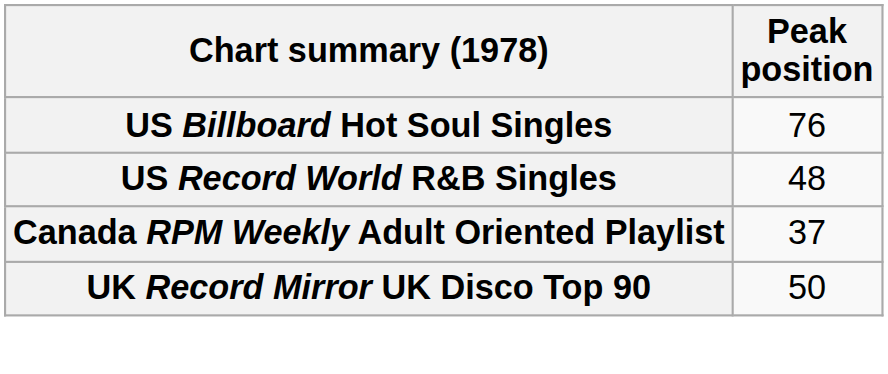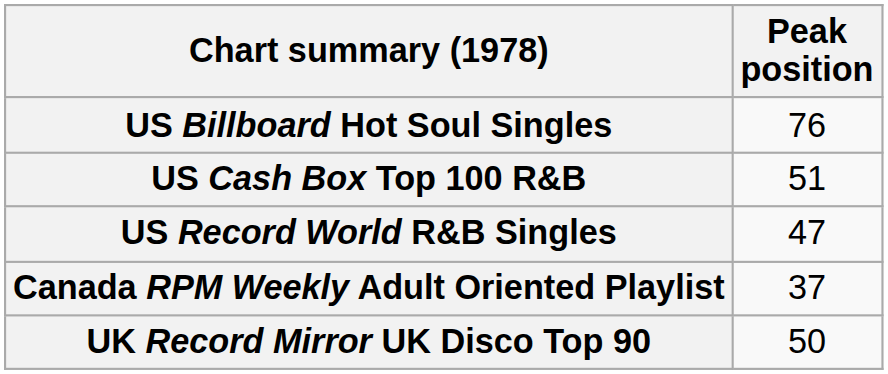 <table class="wikitable plainrowheaders sortable">
 <tr>
 <th>Chart summary (1978)</th>
 <th>Peak<br>position</th>
 </tr>
 <tr>
 <th scope="row">US <em>Billboard</em> Hot Soul Singles</th>
 <td align="center">76</td>
 </tr>
 <tr>
+<th scope="row">US <em>Cash Box</em> Top 100 R&B</th>
+<td align="center">51</td>
+</tr>
+<tr>
 <th scope="row">US <em>Record World</em> R&B Singles</th>
-<td align="center">48</td>
+<td align="center">47</td>
 </tr>
 <tr>
 <th scope="row">Canada <em>RPM Weekly</em> Adult Oriented Playlist</th>
 <td align="center">37</td>
 </tr>
 <tr>
 <th scope="row">UK <em>Record Mirror</em> UK Disco Top 90</th>
 <td align="center">50</td>
 </tr>
 </table>
